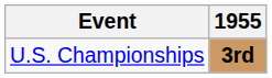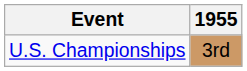 <table class="wikitable">
 <tr>
 <th>Event</th>
 <th>1955</th>
 </tr>
 <tr>
 <td><a href='#'>U.S. Championships</a></td>
-<td align="center" bgcolor="cc9966"><strong>3rd</strong></td>
+<td align="center" bgcolor="cc9966">3rd</td>
 </tr>
 </table>
